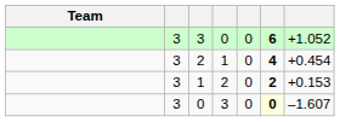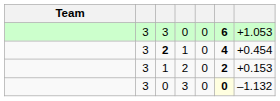 <table class="wikitable" style="text-align:center;">
 <tr>
 <th width=175>Team</th>
 <th style="width:20px;"></th>
 <th style="width:20px;"></th>
 <th style="width:20px;"></th>
 <th style="width:20px;"></th>
 <th style="width:20px;"></th>
 <th style="width:20px;"></th>
 </tr>
 <tr style="background:#cfc">
 <td align=left></td>
 <td>3</td>
 <td>3</td>
 <td>0</td>
 <td>0</td>
 <td><strong>6</strong></td>
-<td>+1.052</td>
+<td>+1.053</td>
 </tr>
 <tr>
 <td align=left></td>
 <td>3</td>
-<td>2</td>
+<td><strong>2</strong></td>
 <td>1</td>
 <td>0</td>
 <td><strong>4</strong></td>
 <td>+0.454</td>
 </tr>
 <tr>
 <td align=left></td>
 <td>3</td>
 <td>1</td>
 <td>2</td>
 <td>0</td>
 <td><strong>2</strong></td>
 <td>+0.153</td>
 </tr>
 <tr>
 <td align=left></td>
 <td>3</td>
 <td>0</td>
 <td>3</td>
 <td>0</td>
 <td style="background: lightyellow;"><strong>0</strong></td>
-<td>–1.607</td>
+<td>–1.132</td>
 </tr>
 </table>
